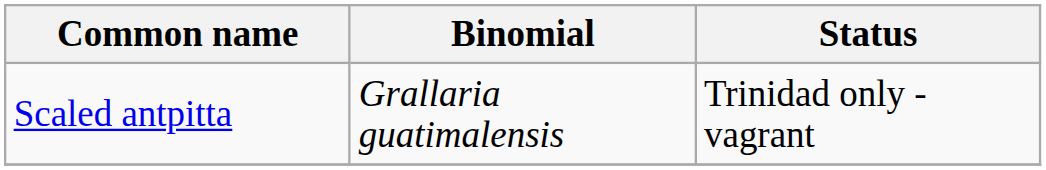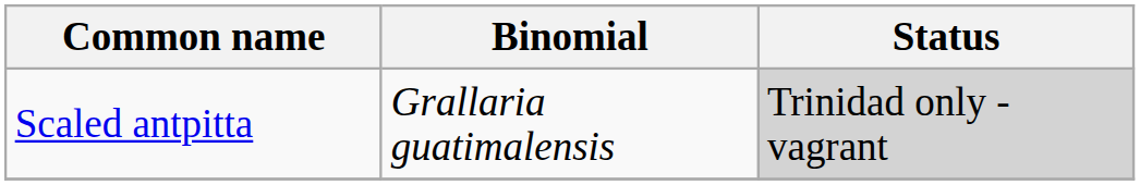 <table width=72% class="wikitable">
 <tr>
 <th width=24%>Common name</th>
 <th width=24%>Binomial</th>
 <th width=24%>Status</th>
 </tr>
 <tr>
 <td><a href='#'>Scaled antpitta</a></td>
 <td><em>Grallaria guatimalensis</em></td>
-<td>Trinidad only - vagrant</td>
+<td style="background: lightgrey;">Trinidad only - vagrant</td>
 </tr>
 <tr>
 </tr>
 </table>
